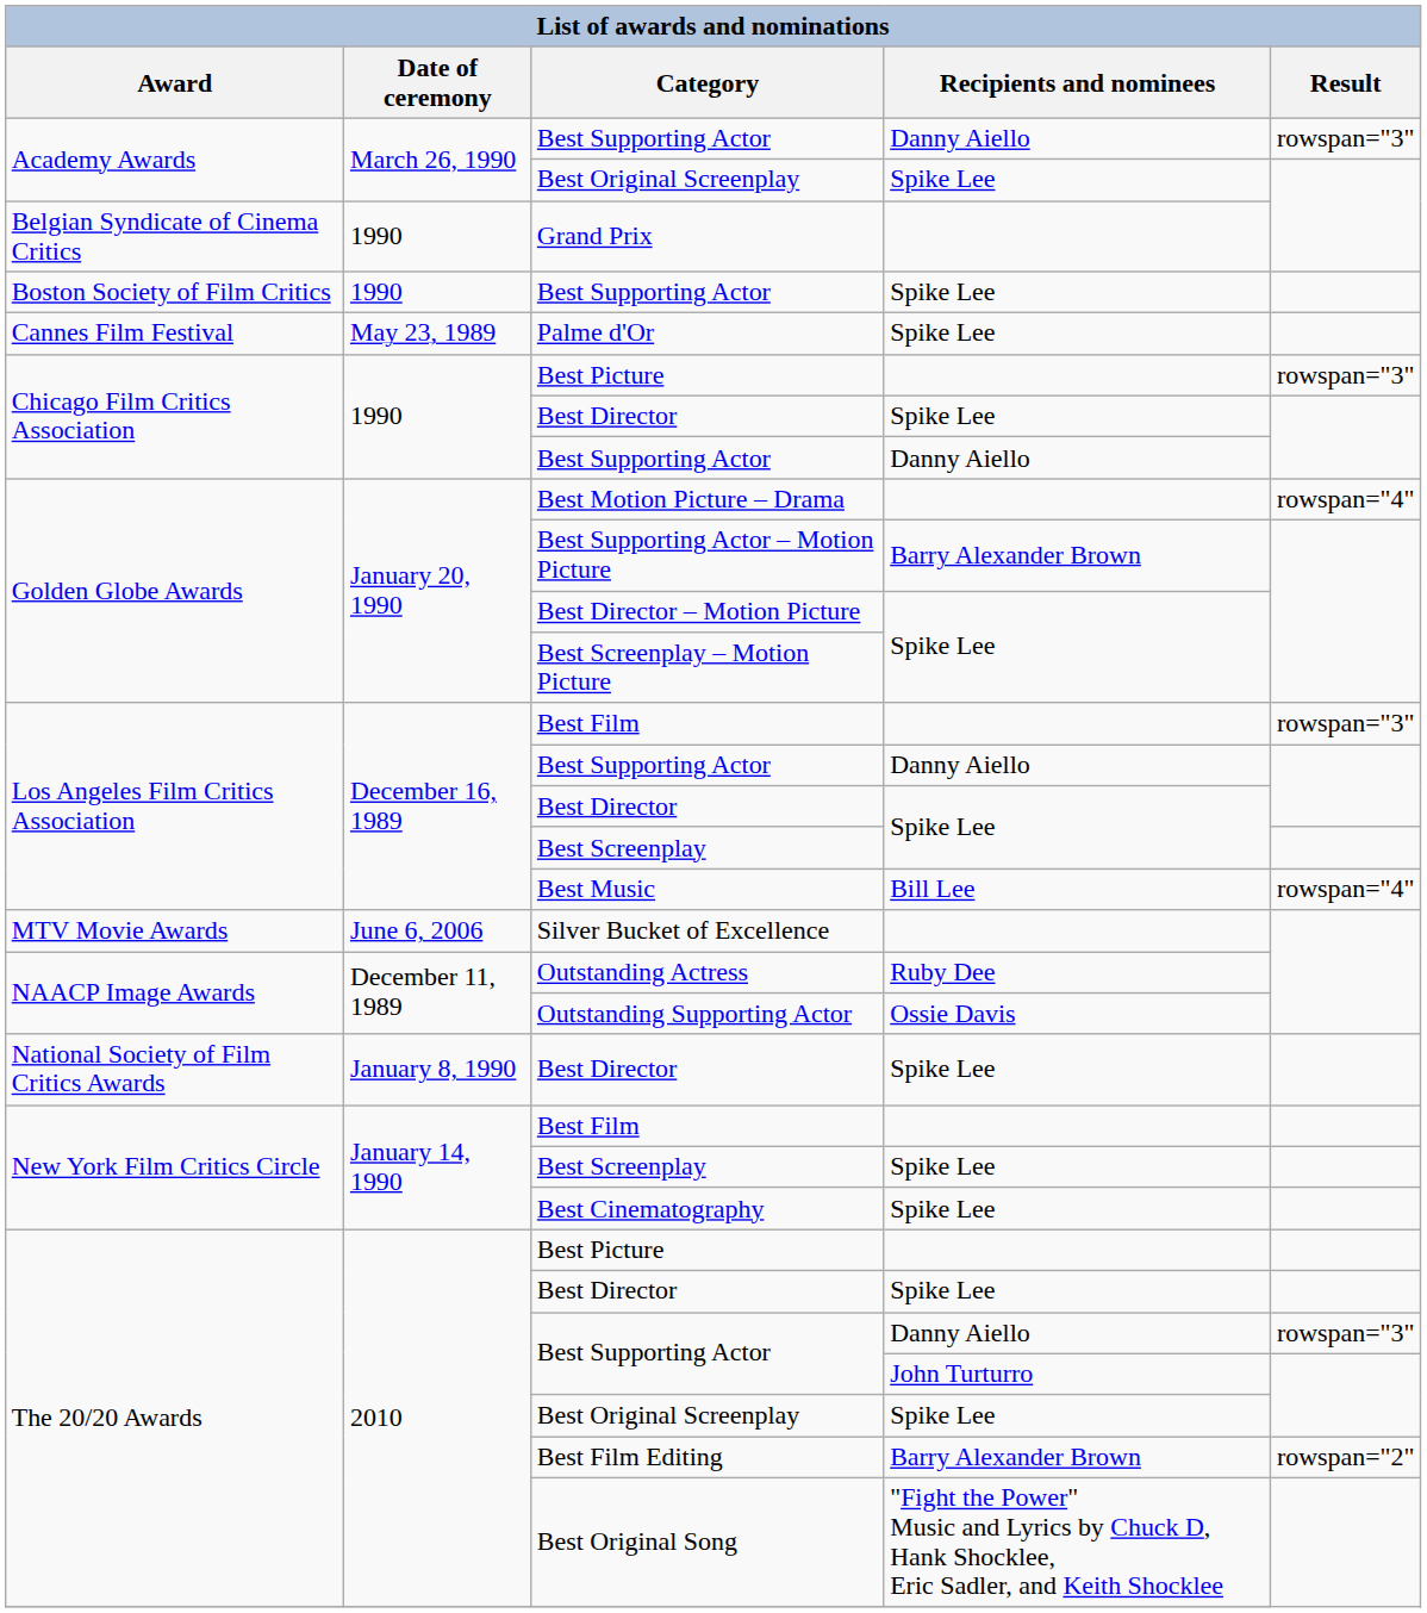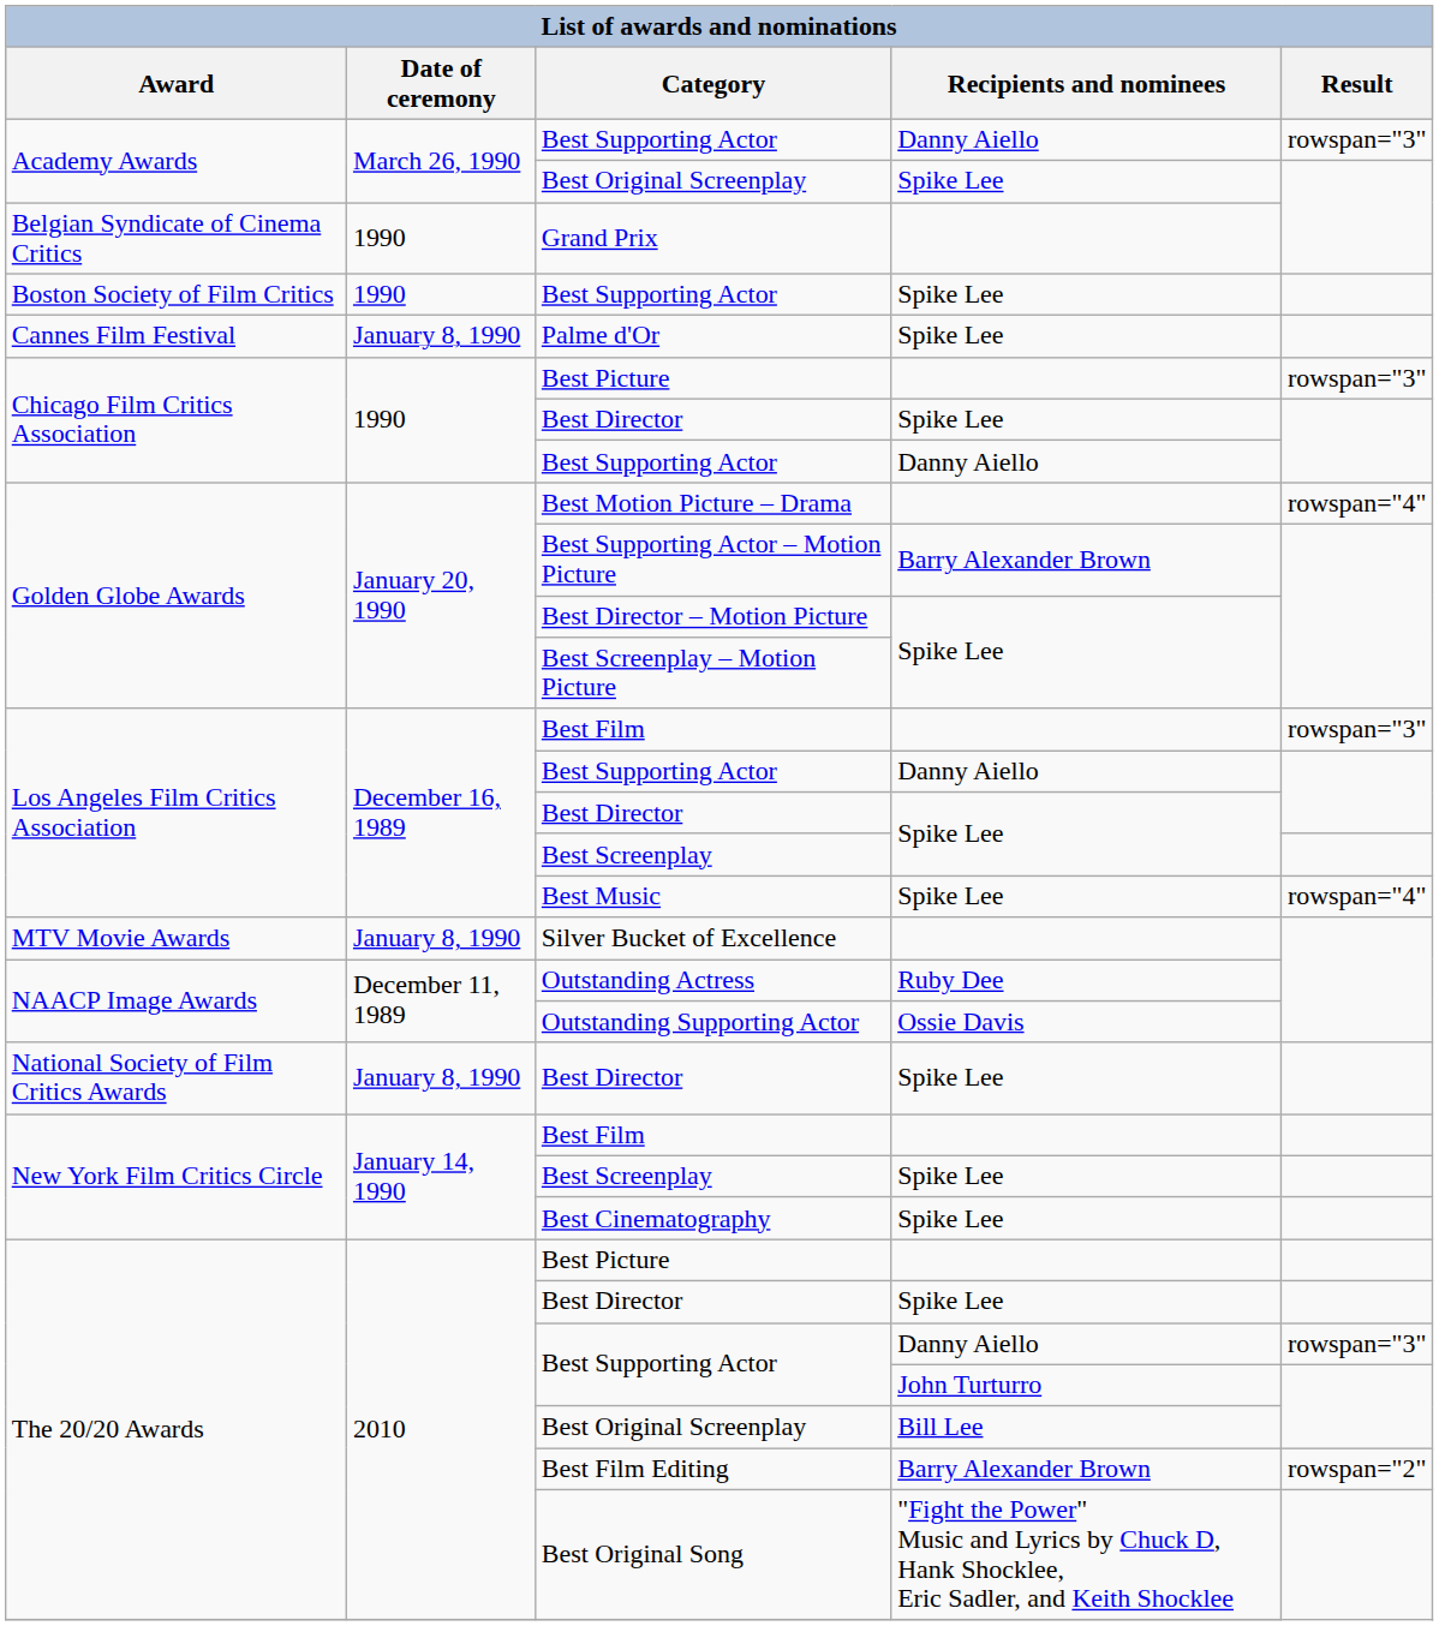 <table class="wikitable">
 <tr style="background:#ccc; text-align:center;">
 <th colspan="5" style="background: LightSteelBlue;">List of awards and nominations</th>
 </tr>
 <tr style="background:#ccc; text-align:center;">
 <th>Award</th>
 <th>Date of ceremony</th>
 <th>Category</th>
 <th>Recipients and nominees</th>
 <th>Result</th>
 </tr>
 <tr>
 <td rowspan="2"><a href='#'>Academy Awards</a></td>
 <td rowspan="2"><a href='#'>March 26, 1990</a></td>
 <td><a href='#'>Best Supporting Actor</a></td>
 <td><a href='#'>Danny Aiello</a></td>
 <td>rowspan="3" </td>
 </tr>
 <tr>
 <td><a href='#'>Best Original Screenplay</a></td>
 <td><a href='#'>Spike Lee</a></td>
 </tr>
 <tr>
 <td><a href='#'>Belgian Syndicate of Cinema Critics</a></td>
 <td>1990</td>
 <td><a href='#'>Grand Prix</a></td>
 <td></td>
 </tr>
 <tr>
 <td><a href='#'>Boston Society of Film Critics</a></td>
 <td><a href='#'>1990</a></td>
 <td><a href='#'>Best Supporting Actor</a></td>
 <td>Spike Lee</td>
 <td></td>
 </tr>
 <tr>
 <td><a href='#'>Cannes Film Festival</a></td>
-<td><a href='#'>May 23, 1989</a></td>
+<td><a href='#'>January 8, 1990</a></td>
 <td><a href='#'>Palme d'Or</a></td>
 <td>Spike Lee</td>
 <td></td>
 </tr>
 <tr>
 <td rowspan="3"><a href='#'>Chicago Film Critics Association</a></td>
 <td rowspan="3">1990</td>
 <td><a href='#'>Best Picture</a></td>
 <td></td>
 <td>rowspan="3" </td>
 </tr>
 <tr>
 <td><a href='#'>Best Director</a></td>
 <td>Spike Lee</td>
 </tr>
 <tr>
 <td><a href='#'>Best Supporting Actor</a></td>
 <td>Danny Aiello</td>
 </tr>
 <tr>
 <td rowspan="4"><a href='#'>Golden Globe Awards</a></td>
 <td rowspan="4"><a href='#'>January 20, 1990</a></td>
 <td><a href='#'>Best Motion Picture – Drama</a></td>
 <td></td>
 <td>rowspan="4" </td>
 </tr>
 <tr>
 <td><a href='#'>Best Supporting Actor – Motion Picture</a></td>
 <td><a href='#'>Barry Alexander Brown</a></td>
 </tr>
 <tr>
 <td><a href='#'>Best Director – Motion Picture</a></td>
 <td rowspan="2">Spike Lee</td>
 </tr>
 <tr>
 <td><a href='#'>Best Screenplay – Motion Picture</a></td>
 </tr>
 <tr>
 <td rowspan="5"><a href='#'>Los Angeles Film Critics Association</a></td>
 <td rowspan="5"><a href='#'>December 16, 1989</a></td>
 <td><a href='#'>Best Film</a></td>
 <td></td>
 <td>rowspan="3" </td>
 </tr>
 <tr>
 <td><a href='#'>Best Supporting Actor</a></td>
 <td>Danny Aiello</td>
 </tr>
 <tr>
 <td><a href='#'>Best Director</a></td>
 <td rowspan="2">Spike Lee</td>
 </tr>
 <tr>
 <td><a href='#'>Best Screenplay</a></td>
 <td></td>
 </tr>
 <tr>
 <td><a href='#'>Best Music</a></td>
-<td><a href='#'>Bill Lee</a></td>
+<td>Spike Lee</td>
 <td>rowspan="4" </td>
 </tr>
 <tr>
 <td><a href='#'>MTV Movie Awards</a></td>
-<td><a href='#'>June 6, 2006</a></td>
+<td><a href='#'>January 8, 1990</a></td>
 <td>Silver Bucket of Excellence</td>
 <td></td>
 </tr>
 <tr>
 <td rowspan="2"><a href='#'>NAACP Image Awards</a></td>
 <td rowspan="2">December 11, 1989</td>
 <td><a href='#'>Outstanding Actress</a></td>
 <td><a href='#'>Ruby Dee</a></td>
 </tr>
 <tr>
 <td><a href='#'>Outstanding Supporting Actor</a></td>
 <td><a href='#'>Ossie Davis</a></td>
 </tr>
 <tr>
 <td><a href='#'>National Society of Film Critics Awards</a></td>
 <td><a href='#'>January 8, 1990</a></td>
 <td><a href='#'>Best Director</a></td>
 <td>Spike Lee</td>
 <td></td>
 </tr>
 <tr>
 <td rowspan="3"><a href='#'>New York Film Critics Circle</a></td>
 <td rowspan="3"><a href='#'>January 14, 1990</a></td>
 <td><a href='#'>Best Film</a></td>
 <td></td>
 <td></td>
 </tr>
 <tr>
 <td><a href='#'>Best Screenplay</a></td>
 <td>Spike Lee</td>
 <td></td>
 </tr>
 <tr>
 <td><a href='#'>Best Cinematography</a></td>
 <td>Spike Lee</td>
 <td></td>
 </tr>
 <tr>
 <td rowspan="7">The 20/20 Awards</td>
 <td rowspan="7">2010</td>
 <td>Best Picture</td>
 <td></td>
 <td></td>
 </tr>
 <tr>
 <td>Best Director</td>
 <td>Spike Lee</td>
 <td></td>
 </tr>
 <tr>
 <td rowspan="2">Best Supporting Actor</td>
 <td>Danny Aiello</td>
 <td>rowspan="3" </td>
 </tr>
 <tr>
 <td><a href='#'>John Turturro</a></td>
 </tr>
 <tr>
 <td>Best Original Screenplay</td>
-<td>Spike Lee</td>
+<td><a href='#'>Bill Lee</a></td>
 </tr>
 <tr>
 <td>Best Film Editing</td>
 <td><a href='#'>Barry Alexander Brown</a></td>
 <td>rowspan="2" </td>
 </tr>
 <tr>
 <td>Best Original Song</td>
 <td>"<a href='#'>Fight the Power</a>"<br>Music and Lyrics by <a href='#'>Chuck D</a>, Hank Shocklee,<br>Eric Sadler, and <a href='#'>Keith Shocklee</a></td>
 </tr>
 <tr>
 </tr>
 </table>
